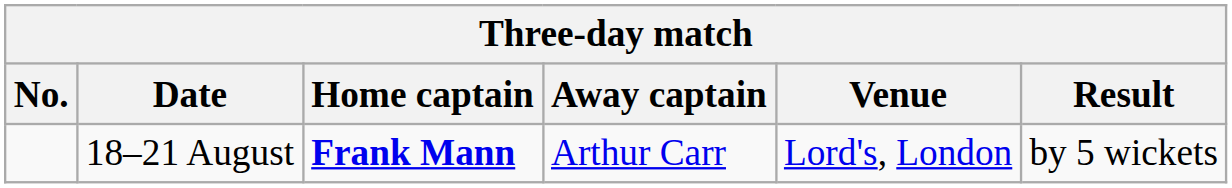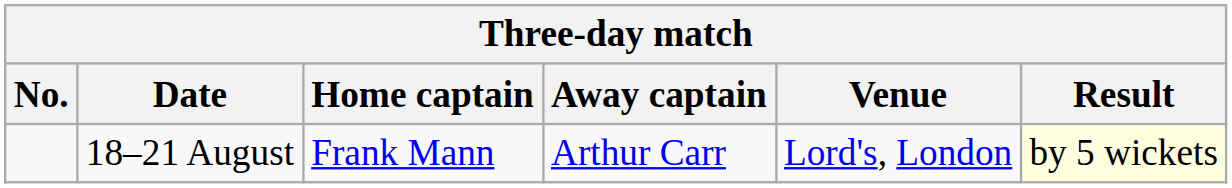 <table class="wikitable">
 <tr>
 <th colspan="9">Three-day match</th>
 </tr>
 <tr>
 <th>No.</th>
 <th>Date</th>
 <th>Home captain</th>
 <th>Away captain</th>
 <th>Venue</th>
 <th>Result</th>
 </tr>
 <tr>
 <td></td>
 <td>18–21 August</td>
-<td><strong><a href='#'>Frank Mann</a></strong></td>
+<td><a href='#'>Frank Mann</a></td>
 <td><a href='#'>Arthur Carr</a></td>
 <td><a href='#'>Lord's</a>, <a href='#'>London</a></td>
-<td> by 5 wickets</td>
+<td style="background: lightyellow;"> by 5 wickets</td>
 </tr>
 </table>
